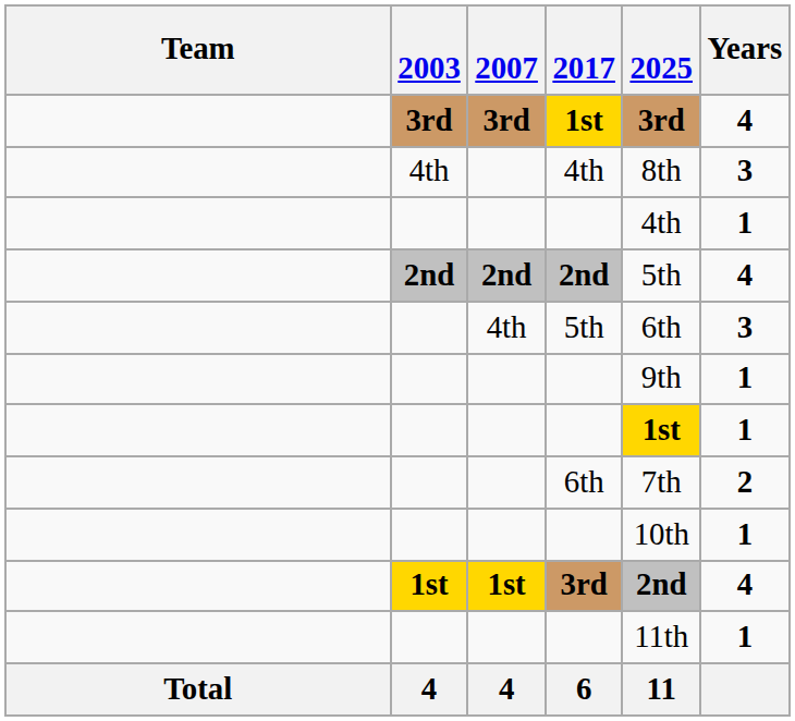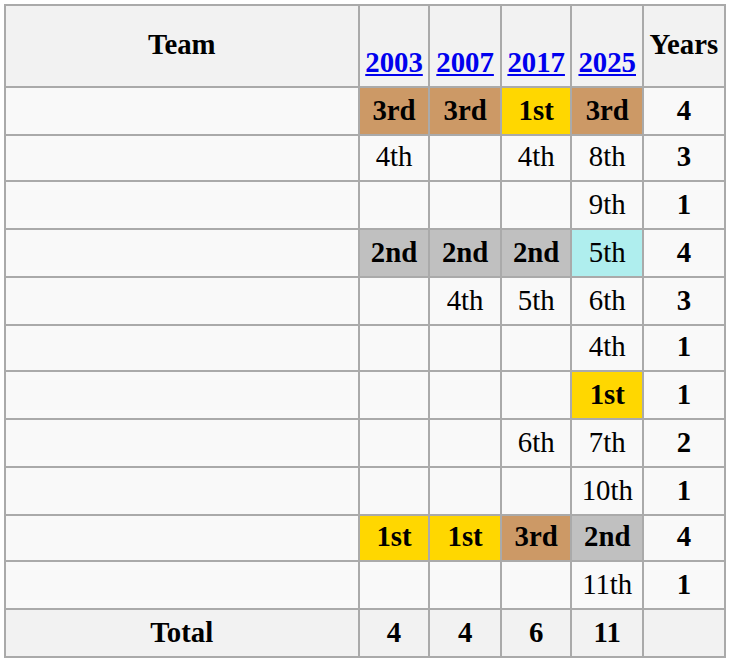 <table class="wikitable" style="text-align:center; font-size:90%">
 <tr>
 <th width=170>Team</th>
 <th><br><a href='#'>2003</a></th>
 <th><br><a href='#'>2007</a></th>
 <th><br><a href='#'>2017</a></th>
 <th><br><a href='#'>2025</a></th>
 <th>Years</th>
 </tr>
 <tr>
 <td align=left></td>
 <td bgcolor=cc9966><strong>3rd</strong></td>
 <td bgcolor=cc9966><strong>3rd</strong></td>
 <td bgcolor=gold><strong>1st</strong></td>
 <td bgcolor=cc9966><strong>3rd</strong></td>
 <td><strong>4</strong></td>
 </tr>
 <tr>
 <td align=left></td>
 <td>4th</td>
 <td></td>
 <td>4th</td>
 <td>8th</td>
 <td><strong>3</strong></td>
 </tr>
 <tr>
 <td align=left></td>
 <td></td>
 <td></td>
 <td></td>
-<td>4th</td>
+<td>9th</td>
 <td><strong>1</strong></td>
 </tr>
 <tr>
 <td align=left></td>
 <td bgcolor=silver><strong>2nd</strong></td>
 <td bgcolor=silver><strong>2nd</strong></td>
 <td bgcolor=silver><strong>2nd</strong></td>
-<td>5th</td>
+<td style="background: paleturquoise;">5th</td>
 <td><strong>4</strong></td>
 </tr>
 <tr>
 <td align=left></td>
 <td></td>
 <td>4th</td>
 <td>5th</td>
 <td>6th</td>
 <td><strong>3</strong></td>
 </tr>
 <tr>
 <td align=left></td>
 <td></td>
 <td></td>
 <td></td>
-<td>9th</td>
+<td>4th</td>
 <td><strong>1</strong></td>
 </tr>
 <tr>
 <td align=left></td>
 <td></td>
 <td></td>
 <td></td>
 <td bgcolor=gold><strong>1st</strong></td>
 <td><strong>1</strong></td>
 </tr>
 <tr>
 <td align=left></td>
 <td></td>
 <td></td>
 <td>6th</td>
 <td>7th</td>
 <td><strong>2</strong></td>
 </tr>
 <tr>
 <td align=left></td>
 <td></td>
 <td></td>
 <td></td>
 <td>10th</td>
 <td><strong>1</strong></td>
 </tr>
 <tr>
 <td align=left></td>
 <td bgcolor=gold><strong>1st</strong></td>
 <td bgcolor=gold><strong>1st</strong></td>
 <td bgcolor=cc9966><strong>3rd</strong></td>
 <td bgcolor=silver><strong>2nd</strong></td>
 <td><strong>4</strong></td>
 </tr>
 <tr>
 <td align=left></td>
 <td></td>
 <td></td>
 <td></td>
 <td>11th</td>
 <td><strong>1</strong></td>
 </tr>
 <tr>
 <th>Total</th>
 <th>4</th>
 <th>4</th>
 <th>6</th>
 <th>11</th>
 <th></th>
 </tr>
 </table>
